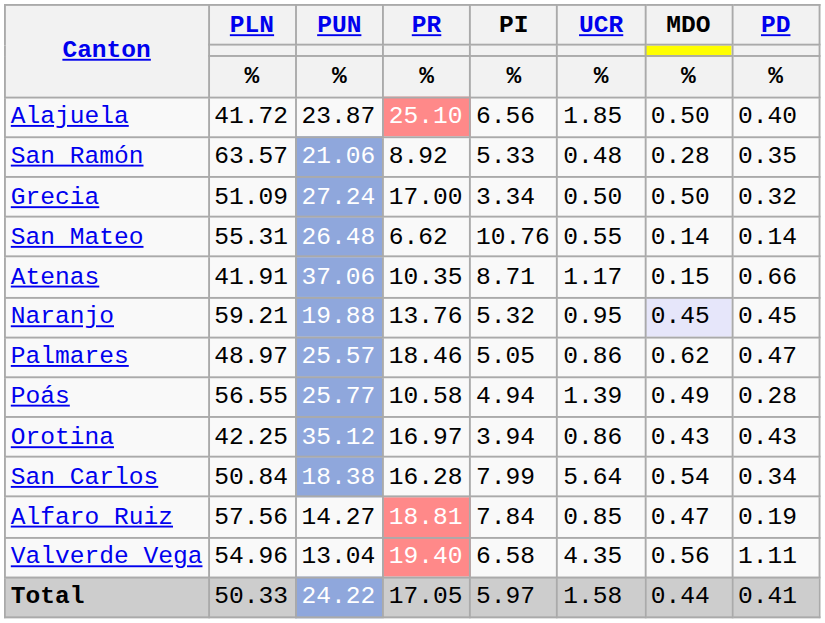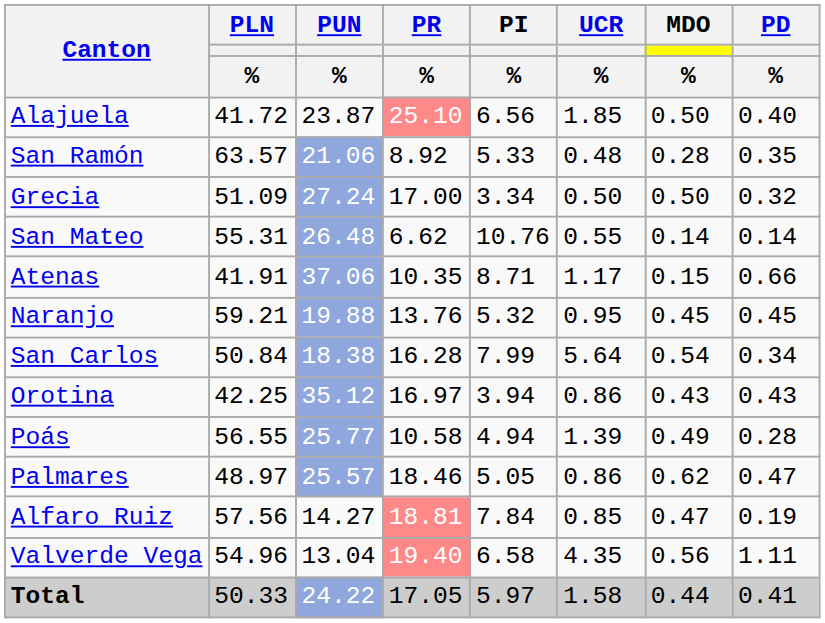 <table class="wikitable mw-collapsible mw-collapsed">
 <tr>
 <th rowspan="3"><a href='#'>Canton</a></th>
 <th colspan="1" width="40px"><a href='#'>PLN</a></th>
 <th colspan="1" width="40px"><a href='#'>PUN</a></th>
 <th colspan="1" width="40px"><a href='#'>PR</a></th>
 <th colspan="1" width="40px">PI</th>
 <th colspan="1" width="40px"><a href='#'>UCR</a></th>
 <th colspan="1" width="40px">MDO</th>
 <th colspan="1" width="40px"><a href='#'>PD</a></th>
 </tr>
 <tr>
 <th style="background:"></th>
 <th style="background:"></th>
 <th style="background:"></th>
 <th style="background:"></th>
 <th style="background:"></th>
 <th style="background:yellow"></th>
 <th style="background:"></th>
 </tr>
 <tr>
 <th data-sort-type="number">%</th>
 <th data-sort-type="number">%</th>
 <th data-sort-type="number">%</th>
 <th data-sort-type="number">%</th>
 <th data-sort-type="number">%</th>
 <th data-sort-type="number">%</th>
 <th data-sort-type="number">%</th>
 </tr>
 <tr>
 <td align="left"><a href='#'>Alajuela</a></td>
 <td style="background:">41.72</td>
 <td>23.87</td>
 <td style="background:#ff8989; color:white;">25.10</td>
 <td>6.56</td>
 <td>1.85</td>
 <td>0.50</td>
 <td>0.40</td>
 </tr>
 <tr>
 <td align="left"><a href='#'>San Ramón</a></td>
 <td style="background:">63.57</td>
 <td style="background:#8fa7dc; color:white;">21.06</td>
 <td>8.92</td>
 <td>5.33</td>
 <td>0.48</td>
 <td>0.28</td>
 <td>0.35</td>
 </tr>
 <tr>
 <td align="left"><a href='#'>Grecia</a></td>
 <td style="background:">51.09</td>
 <td style="background:#8fa7dc; color:white;">27.24</td>
 <td>17.00</td>
 <td>3.34</td>
 <td>0.50</td>
 <td>0.50</td>
 <td>0.32</td>
 </tr>
 <tr>
 <td align="left"><a href='#'>San Mateo</a></td>
 <td style="background:">55.31</td>
 <td style="background:#8fa7dc; color:white;">26.48</td>
 <td>6.62</td>
 <td>10.76</td>
 <td>0.55</td>
 <td>0.14</td>
 <td>0.14</td>
 </tr>
 <tr>
 <td align="left"><a href='#'>Atenas</a></td>
 <td style="background:">41.91</td>
 <td style="background:#8fa7dc; color:white;">37.06</td>
 <td>10.35</td>
 <td>8.71</td>
 <td>1.17</td>
 <td>0.15</td>
 <td>0.66</td>
 </tr>
 <tr>
 <td align="left"><a href='#'>Naranjo</a></td>
 <td style="background:">59.21</td>
 <td style="background:#8fa7dc; color:white;">19.88</td>
 <td>13.76</td>
 <td>5.32</td>
 <td>0.95</td>
-<td style="background: lavender;">0.45</td>
+<td>0.45</td>
 <td>0.45</td>
 </tr>
 <tr>
-<td align="left"><a href='#'>Palmares</a></td>
-<td style="background:">48.97</td>
-<td style="background:#8fa7dc; color:white;">25.57</td>
-<td>18.46</td>
-<td>5.05</td>
+<td align="left"><a href='#'>San Carlos</a></td>
+<td style="background:">50.84</td>
+<td style="background:#8fa7dc; color:white;">18.38</td>
+<td>16.28</td>
+<td>7.99</td>
+<td>5.64</td>
+<td>0.54</td>
+<td>0.34</td>
+</tr>
+<tr>
+<td align="left"><a href='#'>Orotina</a></td>
+<td style="background:">42.25</td>
+<td style="background:#8fa7dc; color:white;">35.12</td>
+<td>16.97</td>
+<td>3.94</td>
 <td>0.86</td>
-<td>0.62</td>
-<td>0.47</td>
+<td>0.43</td>
+<td>0.43</td>
 </tr>
 <tr>
 <td align="left"><a href='#'>Poás</a></td>
 <td style="background:">56.55</td>
 <td style="background:#8fa7dc; color:white;">25.77</td>
 <td>10.58</td>
 <td>4.94</td>
 <td>1.39</td>
 <td>0.49</td>
 <td>0.28</td>
 </tr>
 <tr>
-<td align="left"><a href='#'>Orotina</a></td>
-<td style="background:">42.25</td>
-<td style="background:#8fa7dc; color:white;">35.12</td>
-<td>16.97</td>
-<td>3.94</td>
+<td align="left"><a href='#'>Palmares</a></td>
+<td style="background:">48.97</td>
+<td style="background:#8fa7dc; color:white;">25.57</td>
+<td>18.46</td>
+<td>5.05</td>
 <td>0.86</td>
-<td>0.43</td>
-<td>0.43</td>
-</tr>
-<tr>
-<td align="left"><a href='#'>San Carlos</a></td>
-<td style="background:">50.84</td>
-<td style="background:#8fa7dc; color:white;">18.38</td>
-<td>16.28</td>
-<td>7.99</td>
-<td>5.64</td>
-<td>0.54</td>
-<td>0.34</td>
+<td>0.62</td>
+<td>0.47</td>
 </tr>
 <tr>
 <td align="left"><a href='#'>Alfaro Ruiz</a></td>
 <td style="background:">57.56</td>
 <td>14.27</td>
 <td style="background:#ff8989; color:white;">18.81</td>
 <td>7.84</td>
 <td>0.85</td>
 <td>0.47</td>
 <td>0.19</td>
 </tr>
 <tr>
 <td align="left"><a href='#'>Valverde Vega</a></td>
 <td style="background:">54.96</td>
 <td>13.04</td>
 <td style="background:#ff8989; color:white;">19.40</td>
 <td>6.58</td>
 <td>4.35</td>
 <td>0.56</td>
 <td>1.11</td>
 </tr>
 <tr style="background:#CDCDCD;">
 <td align="left"><strong>Total</strong></td>
 <td style="background:">50.33</td>
 <td style="background:#8fa7dc; color:white;">24.22</td>
 <td>17.05</td>
 <td>5.97</td>
 <td>1.58</td>
 <td>0.44</td>
 <td>0.41</td>
 </tr>
 </table>
